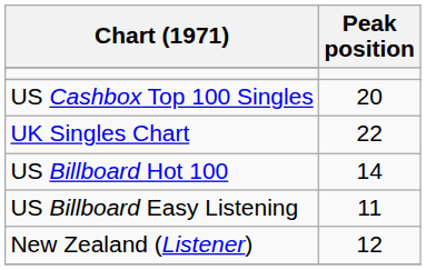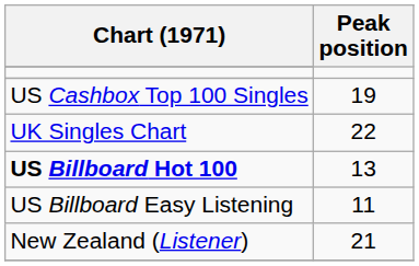 <table class="wikitable sortable">
 <tr>
 <th>Chart (1971)</th>
 <th style="text-align:center;">Peak<br>position</th>
 </tr>
 <tr>
 </tr>
 <tr>
 <td></td>
 </tr>
 <tr>
 </tr>
 <tr>
 </tr>
 <tr>
 <td>US <a href='#'><em>Cashbox</em> Top 100 Singles</a></td>
-<td style="text-align:center;">20</td>
+<td style="text-align:center;">19</td>
 </tr>
 <tr>
 <td><a href='#'>UK Singles Chart</a></td>
 <td style="text-align:center;">22</td>
 </tr>
 <tr>
-<td>US <a href='#'><em>Billboard</em> Hot 100</a></td>
-<td style="text-align:center;">14</td>
+<td><strong>US <a href='#'><em>Billboard</em> Hot 100</a></strong></td>
+<td style="text-align:center;">13</td>
 </tr>
 <tr>
 <td>US <em>Billboard</em> Easy Listening</td>
 <td align="center">11</td>
 </tr>
 <tr>
 <td>New Zealand (<em><a href='#'>Listener</a></em>)</td>
-<td align="center">12</td>
+<td align="center">21</td>
 </tr>
 <tr>
 </tr>
 </table>
